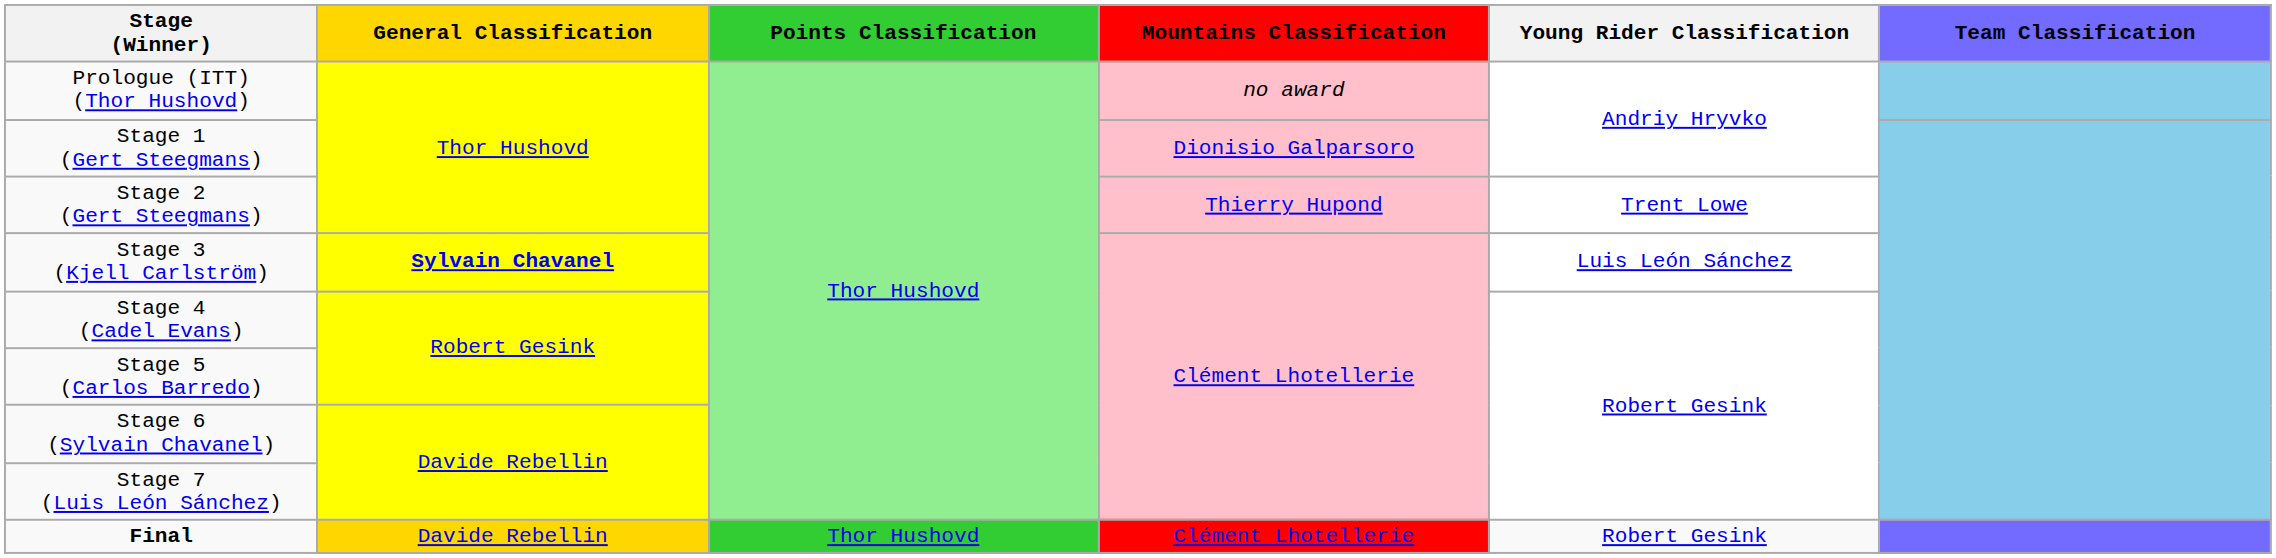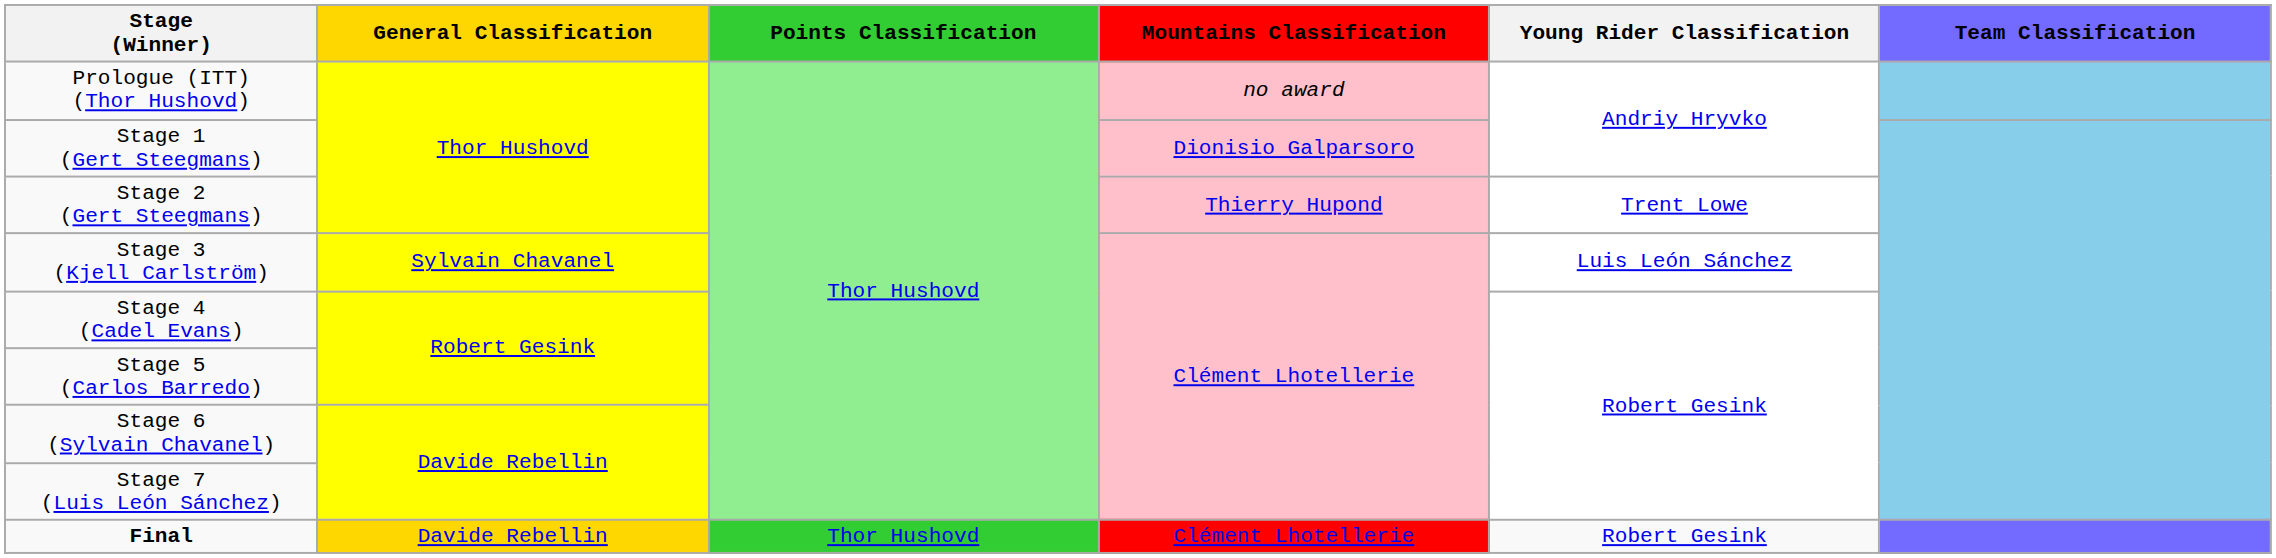 <table class="wikitable" style="text-align: center; font-size:smaller;">
 <tr>
 <th width="12%"><strong>Stage<br>(Winner)</strong></th>
 <th style="background-color:gold;" width="15%"><strong>General Classification</strong></th>
 <th style="background-color:limegreen;" width="15%"><strong>Points Classification</strong></th>
 <th style="background-color:red;" width="15%"><strong>Mountains Classification</strong></th>
 <th style="background-color:offwhite;" width="15%"><strong>Young Rider Classification</strong></th>
 <th style="background-color:#736AFF;" width="15%"><strong>Team Classification</strong></th>
 </tr>
 <tr>
 <td>Prologue (ITT)<br>(<a href='#'>Thor Hushovd</a>)</td>
 <td style="background-color:yellow;" rowspan="3"><a href='#'>Thor Hushovd</a></td>
 <td style="background-color:lightgreen;" rowspan="8"><a href='#'>Thor Hushovd</a></td>
 <td style="background-color:pink;" rowspan="1"><em>no award</em></td>
 <td style="background-color:white;" rowspan="2"><a href='#'>Andriy Hryvko</a></td>
 <td style="background-color:skyblue;" rowspan="1"></td>
 </tr>
 <tr>
 <td>Stage 1<br>(<a href='#'>Gert Steegmans</a>)</td>
 <td style="background-color:pink;" rowspan="1"><a href='#'>Dionisio Galparsoro</a></td>
 <td style="background-color:skyblue;" rowspan="7"></td>
 </tr>
 <tr>
 <td>Stage 2<br>(<a href='#'>Gert Steegmans</a>)</td>
 <td style="background-color:pink;" rowspan="1"><a href='#'>Thierry Hupond</a></td>
 <td style="background-color:white;" rowspan="1"><a href='#'>Trent Lowe</a></td>
 </tr>
 <tr>
 <td>Stage 3<br>(<a href='#'>Kjell Carlström</a>)</td>
-<td style="background-color:yellow;" rowspan="1"><strong><a href='#'>Sylvain Chavanel</a></strong></td>
+<td style="background-color:yellow;" rowspan="1"><a href='#'>Sylvain Chavanel</a></td>
 <td style="background-color:pink;" rowspan="5"><a href='#'>Clément Lhotellerie</a></td>
 <td style="background-color:white;" rowspan="1"><a href='#'>Luis León Sánchez</a></td>
 </tr>
 <tr>
 <td>Stage 4<br>(<a href='#'>Cadel Evans</a>)</td>
 <td style="background-color:yellow;" rowspan="2"><a href='#'>Robert Gesink</a></td>
 <td style="background-color:white;" rowspan="4"><a href='#'>Robert Gesink</a></td>
 </tr>
 <tr>
 <td>Stage 5<br>(<a href='#'>Carlos Barredo</a>)</td>
 </tr>
 <tr>
 <td>Stage 6<br>(<a href='#'>Sylvain Chavanel</a>)</td>
 <td style="background-color:yellow;" rowspan="2"><a href='#'>Davide Rebellin</a></td>
 </tr>
 <tr>
 <td>Stage 7<br>(<a href='#'>Luis León Sánchez</a>)</td>
 </tr>
 <tr>
 <td><strong>Final</strong><br></td>
 <td style="background-color:gold;" rowspan="1"><a href='#'>Davide Rebellin</a></td>
 <td style="background-color:limegreen;" rowspan="1"><a href='#'>Thor Hushovd</a></td>
 <td style="background-color:red;" rowspan="1"><a href='#'>Clément Lhotellerie</a></td>
 <td style="background-color:offwhite;" rowspan="1"><a href='#'>Robert Gesink</a></td>
 <td style="background-color:#736AFF;" rowspan="1"></td>
 </tr>
 </table>
